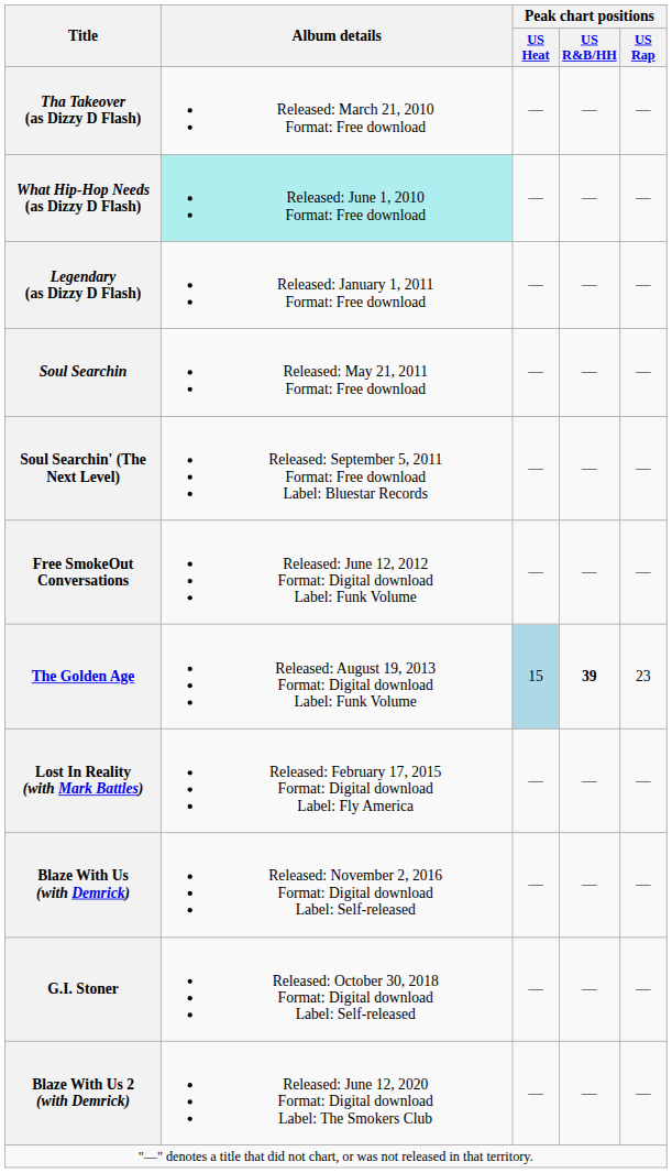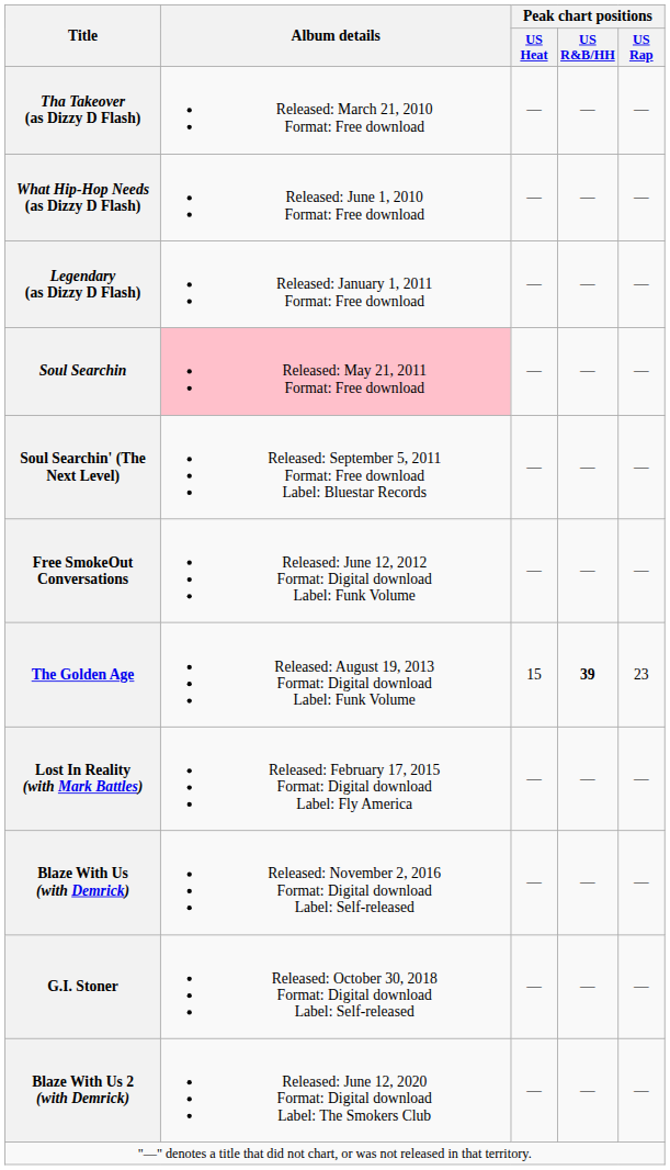 <table class="wikitable plainrowheaders" style="text-align:center;">
 <tr>
 <th scope="col" rowspan="2" style="width:10em;">Title</th>
 <th scope="col" rowspan="2" style="width:23em;">Album details</th>
 <th scope="col" colspan="3">Peak chart positions</th>
 </tr>
 <tr>
 <th scope="col" style="width:3em;font-size:90%;"><a href='#'>US Heat</a><br></th>
 <th scope="col" style="width:3em;font-size:90%;"><a href='#'>US R&B/HH</a><br></th>
 <th scope="col" style="width:3em;font-size:90%;"><a href='#'>US<br>Rap</a><br></th>
 </tr>
 <tr>
 <th scope="row"><em>Tha Takeover</em><br><span>(as Dizzy D Flash)</span></th>
 <td><br><ul><li>Released: March 21, 2010</li><li>Format: Free download</li></ul></td>
 <td>—</td>
 <td>—</td>
 <td>—</td>
 </tr>
 <tr>
 <th scope="row"><em>What Hip-Hop Needs</em><br><span>(as Dizzy D Flash)</span></th>
-<td style="background: paleturquoise;"><br><ul><li>Released: June 1, 2010</li><li>Format: Free download</li></ul></td>
+<td><br><ul><li>Released: June 1, 2010</li><li>Format: Free download</li></ul></td>
 <td>—</td>
 <td>—</td>
 <td>—</td>
 </tr>
 <tr>
 <th scope="row"><em>Legendary</em><br><span>(as Dizzy D Flash)</span></th>
 <td><br><ul><li>Released: January 1, 2011</li><li>Format: Free download</li></ul></td>
 <td>—</td>
 <td>—</td>
 <td>—</td>
 </tr>
 <tr>
 <th scope="row"><em>Soul Searchin<strong></th>
-<td><br><ul><li>Released: May 21, 2011</li><li>Format: Free download</li></ul></td>
+<td style="background: pink;"><br><ul><li>Released: May 21, 2011</li><li>Format: Free download</li></ul></td>
 <td>—</td>
 <td>—</td>
 <td>—</td>
 </tr>
 <tr>
 <th scope="row"></em>Soul Searchin' (The Next Level)<em></th>
 <td><br><ul><li>Released: September 5, 2011</li><li>Format: Free download</li><li>Label: Bluestar Records</li></ul></td>
 <td>—</td>
 <td>—</td>
 <td>—</td>
 </tr>
 <tr>
 <th scope="row"></em>Free SmokeOut Conversations<em></th>
 <td><br><ul><li>Released: June 12, 2012</li><li>Format: Digital download</li><li>Label: Funk Volume</li></ul></td>
 <td>—</td>
 <td>—</td>
 <td>—</td>
 </tr>
 <tr>
 <th scope="row"></em><a href='#'>The Golden Age</a><em></th>
 <td><br><ul><li>Released: August 19, 2013</li><li>Format: Digital download</li><li>Label: Funk Volume</li></ul></td>
-<td style="background: lightblue;">15</td>
+<td>15</td>
 <td><strong>39</strong></td>
 <td>23</td>
 </tr>
 <tr>
 <th scope="row"></em>Lost In Reality<em><br><span>(with <a href='#'>Mark Battles</a>)</span></th>
 <td><br><ul><li>Released: February 17, 2015</li><li>Format: Digital download</li><li>Label: Fly America</li></ul></td>
 <td>—</td>
 <td>—</td>
 <td>—</td>
 </tr>
 <tr>
 <th scope="row"></em>Blaze With Us<em><br><span>(with <a href='#'>Demrick</a>)</span></th>
 <td><br><ul><li>Released: November 2, 2016</li><li>Format: Digital download</li><li>Label: Self-released</li></ul></td>
 <td>—</td>
 <td>—</td>
 <td>—</td>
 </tr>
 <tr>
 <th scope="row"></em>G.I. Stoner<em><br><span></span></th>
 <td><br><ul><li>Released: October 30, 2018</li><li>Format: Digital download</li><li>Label: Self-released</li></ul></td>
 <td>—</td>
 <td>—</td>
 <td>—</td>
 </tr>
 <tr>
 <th scope="row"></em>Blaze With Us 2<em><br><span>(with Demrick)</span></th>
 <td><br><ul><li>Released: June 12, 2020</li><li>Format: Digital download</li><li>Label: The Smokers Club</li></ul></td>
 <td>—</td>
 <td>—</td>
 <td>—</td>
 </tr>
 <tr>
 <td colspan="15" style="font-size:90%">"—" denotes a title that did not chart, or was not released in that territory.</td>
 </tr>
 </table>
